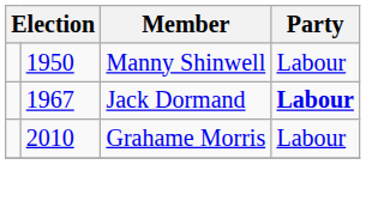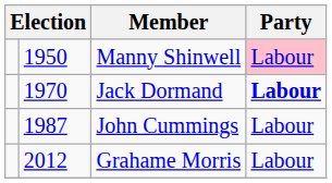 <table class="wikitable">
 <tr>
 <th colspan="2">Election</th>
 <th>Member</th>
 <th>Party</th>
 </tr>
 <tr>
 <td style="color:inherit;background-color: "></td>
 <td><a href='#'>1950</a></td>
 <td><a href='#'>Manny Shinwell</a></td>
-<td><a href='#'>Labour</a></td>
+<td style="background: pink;"><a href='#'>Labour</a></td>
 </tr>
 <tr>
 <td style="color:inherit;background-color: "></td>
-<td><a href='#'>1967</a></td>
+<td><a href='#'>1970</a></td>
 <td><a href='#'>Jack Dormand</a></td>
 <td><strong><a href='#'>Labour</a></strong></td>
 </tr>
 <tr>
 <td style="color:inherit;background-color: "></td>
-<td><a href='#'>2010</a></td>
+<td><a href='#'>1987</a></td>
+<td><a href='#'>John Cummings</a></td>
+<td><a href='#'>Labour</a></td>
+</tr>
+<tr>
+<td style="color:inherit;background-color: "></td>
+<td><a href='#'>2012</a></td>
 <td><a href='#'>Grahame Morris</a></td>
 <td><a href='#'>Labour</a></td>
 </tr>
 <tr>
 </tr>
 </table>
